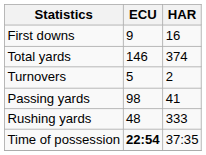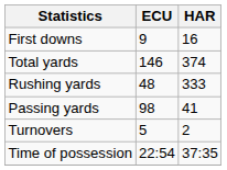 <table class="wikitable" style="float: left;">
 <tr>
 <th>Statistics</th>
 <th>ECU</th>
 <th>HAR</th>
 </tr>
 <tr>
 <td>First downs</td>
 <td>9</td>
 <td>16</td>
 </tr>
 <tr>
 <td>Total yards</td>
 <td>146</td>
 <td>374</td>
 </tr>
 <tr>
-<td>Turnovers</td>
-<td>5</td>
-<td>2</td>
+<td>Rushing yards</td>
+<td>48</td>
+<td>333</td>
 </tr>
 <tr>
 <td>Passing yards</td>
 <td>98</td>
 <td>41</td>
 </tr>
 <tr>
-<td>Rushing yards</td>
-<td>48</td>
-<td>333</td>
+<td>Turnovers</td>
+<td>5</td>
+<td>2</td>
 </tr>
 <tr>
 <td>Time of possession</td>
-<td><strong>22:54</strong></td>
+<td>22:54</td>
 <td>37:35</td>
 </tr>
 <tr>
 </tr>
 </table>
